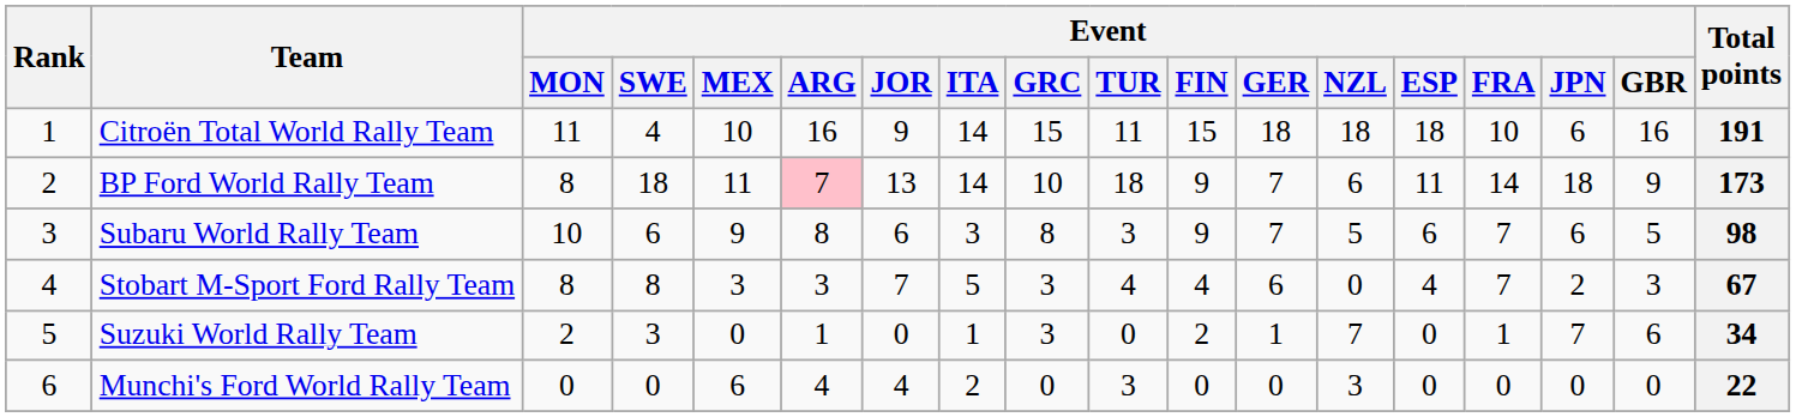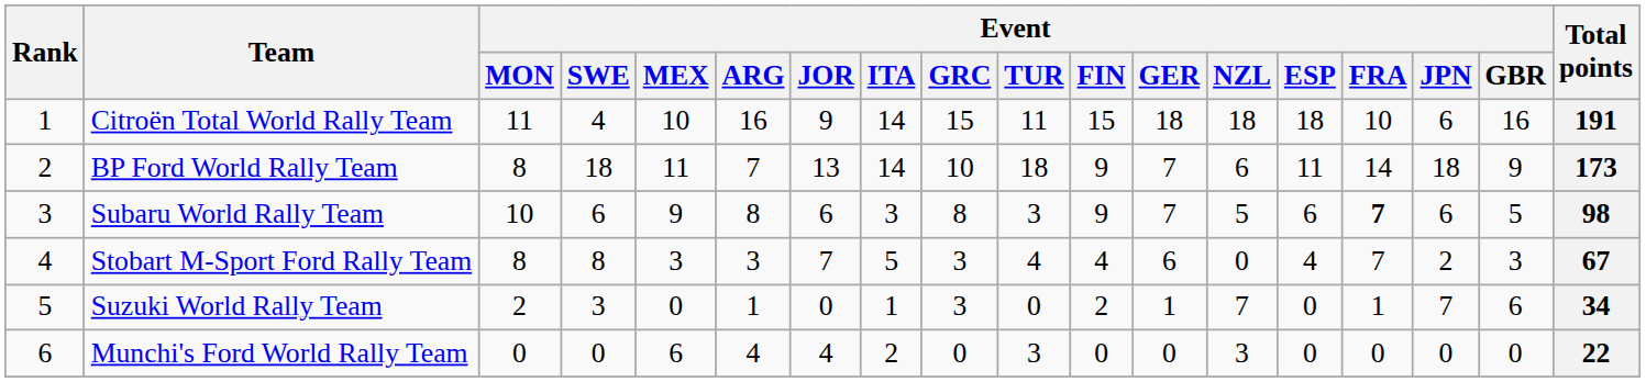 <table class="wikitable" style="text-align:center; font-size:90%;">
 <tr>
 <th rowspan=2>Rank</th>
 <th rowspan=2>Team</th>
 <th colspan=15>Event</th>
 <th rowspan=2>Total<br>points</th>
 </tr>
 <tr valign="top">
 <th><a href='#'>MON</a><br></th>
 <th><a href='#'>SWE</a><br></th>
 <th><a href='#'>MEX</a><br></th>
 <th><a href='#'>ARG</a><br></th>
 <th><a href='#'>JOR</a><br></th>
 <th><a href='#'>ITA</a><br></th>
 <th><a href='#'>GRC</a><br></th>
 <th><a href='#'>TUR</a><br></th>
 <th><a href='#'>FIN</a><br></th>
 <th><a href='#'>GER</a><br></th>
 <th><a href='#'>NZL</a><br></th>
 <th><a href='#'>ESP</a><br></th>
 <th><a href='#'>FRA</a><br></th>
 <th><a href='#'>JPN</a><br></th>
 <th>GBR<br></th>
 </tr>
 <tr>
 <td>1</td>
 <td align="left"> <a href='#'>Citroën Total World Rally Team</a></td>
 <td>11</td>
 <td>4</td>
 <td>10</td>
 <td>16</td>
 <td>9</td>
 <td>14</td>
 <td>15</td>
 <td>11</td>
 <td>15</td>
 <td>18</td>
 <td>18</td>
 <td>18</td>
 <td>10</td>
 <td>6</td>
 <td>16</td>
 <th>191</th>
 </tr>
 <tr>
 <td>2</td>
 <td align="left"> <a href='#'>BP Ford World Rally Team</a></td>
 <td>8</td>
 <td>18</td>
 <td>11</td>
-<td style="background: pink;">7</td>
+<td>7</td>
 <td>13</td>
 <td>14</td>
 <td>10</td>
 <td>18</td>
 <td>9</td>
 <td>7</td>
 <td>6</td>
 <td>11</td>
 <td>14</td>
 <td>18</td>
 <td>9</td>
 <th>173</th>
 </tr>
 <tr>
 <td>3</td>
 <td align="left"> <a href='#'>Subaru World Rally Team</a></td>
 <td>10</td>
 <td>6</td>
 <td>9</td>
 <td>8</td>
 <td>6</td>
 <td>3</td>
 <td>8</td>
 <td>3</td>
 <td>9</td>
 <td>7</td>
 <td>5</td>
 <td>6</td>
-<td>7</td>
+<td><strong>7</strong></td>
 <td>6</td>
 <td>5</td>
 <th>98</th>
 </tr>
 <tr>
 <td>4</td>
 <td align="left"> <a href='#'>Stobart M-Sport Ford Rally Team</a></td>
 <td>8</td>
 <td>8</td>
 <td>3</td>
 <td>3</td>
 <td>7</td>
 <td>5</td>
 <td>3</td>
 <td>4</td>
 <td>4</td>
 <td>6</td>
 <td>0</td>
 <td>4</td>
 <td>7</td>
 <td>2</td>
 <td>3</td>
 <th>67</th>
 </tr>
 <tr>
 <td>5</td>
 <td align="left"> <a href='#'>Suzuki World Rally Team</a></td>
 <td>2</td>
 <td>3</td>
 <td>0</td>
 <td>1</td>
 <td>0</td>
 <td>1</td>
 <td>3</td>
 <td>0</td>
 <td>2</td>
 <td>1</td>
 <td>7</td>
 <td>0</td>
 <td>1</td>
 <td>7</td>
 <td>6</td>
 <th>34</th>
 </tr>
 <tr>
 <td>6</td>
 <td align="left"> <a href='#'>Munchi's Ford World Rally Team</a></td>
 <td>0</td>
 <td>0</td>
 <td>6</td>
 <td>4</td>
 <td>4</td>
 <td>2</td>
 <td>0</td>
 <td>3</td>
 <td>0</td>
 <td>0</td>
 <td>3</td>
 <td>0</td>
 <td>0</td>
 <td>0</td>
 <td>0</td>
 <th>22</th>
 </tr>
 </table>
